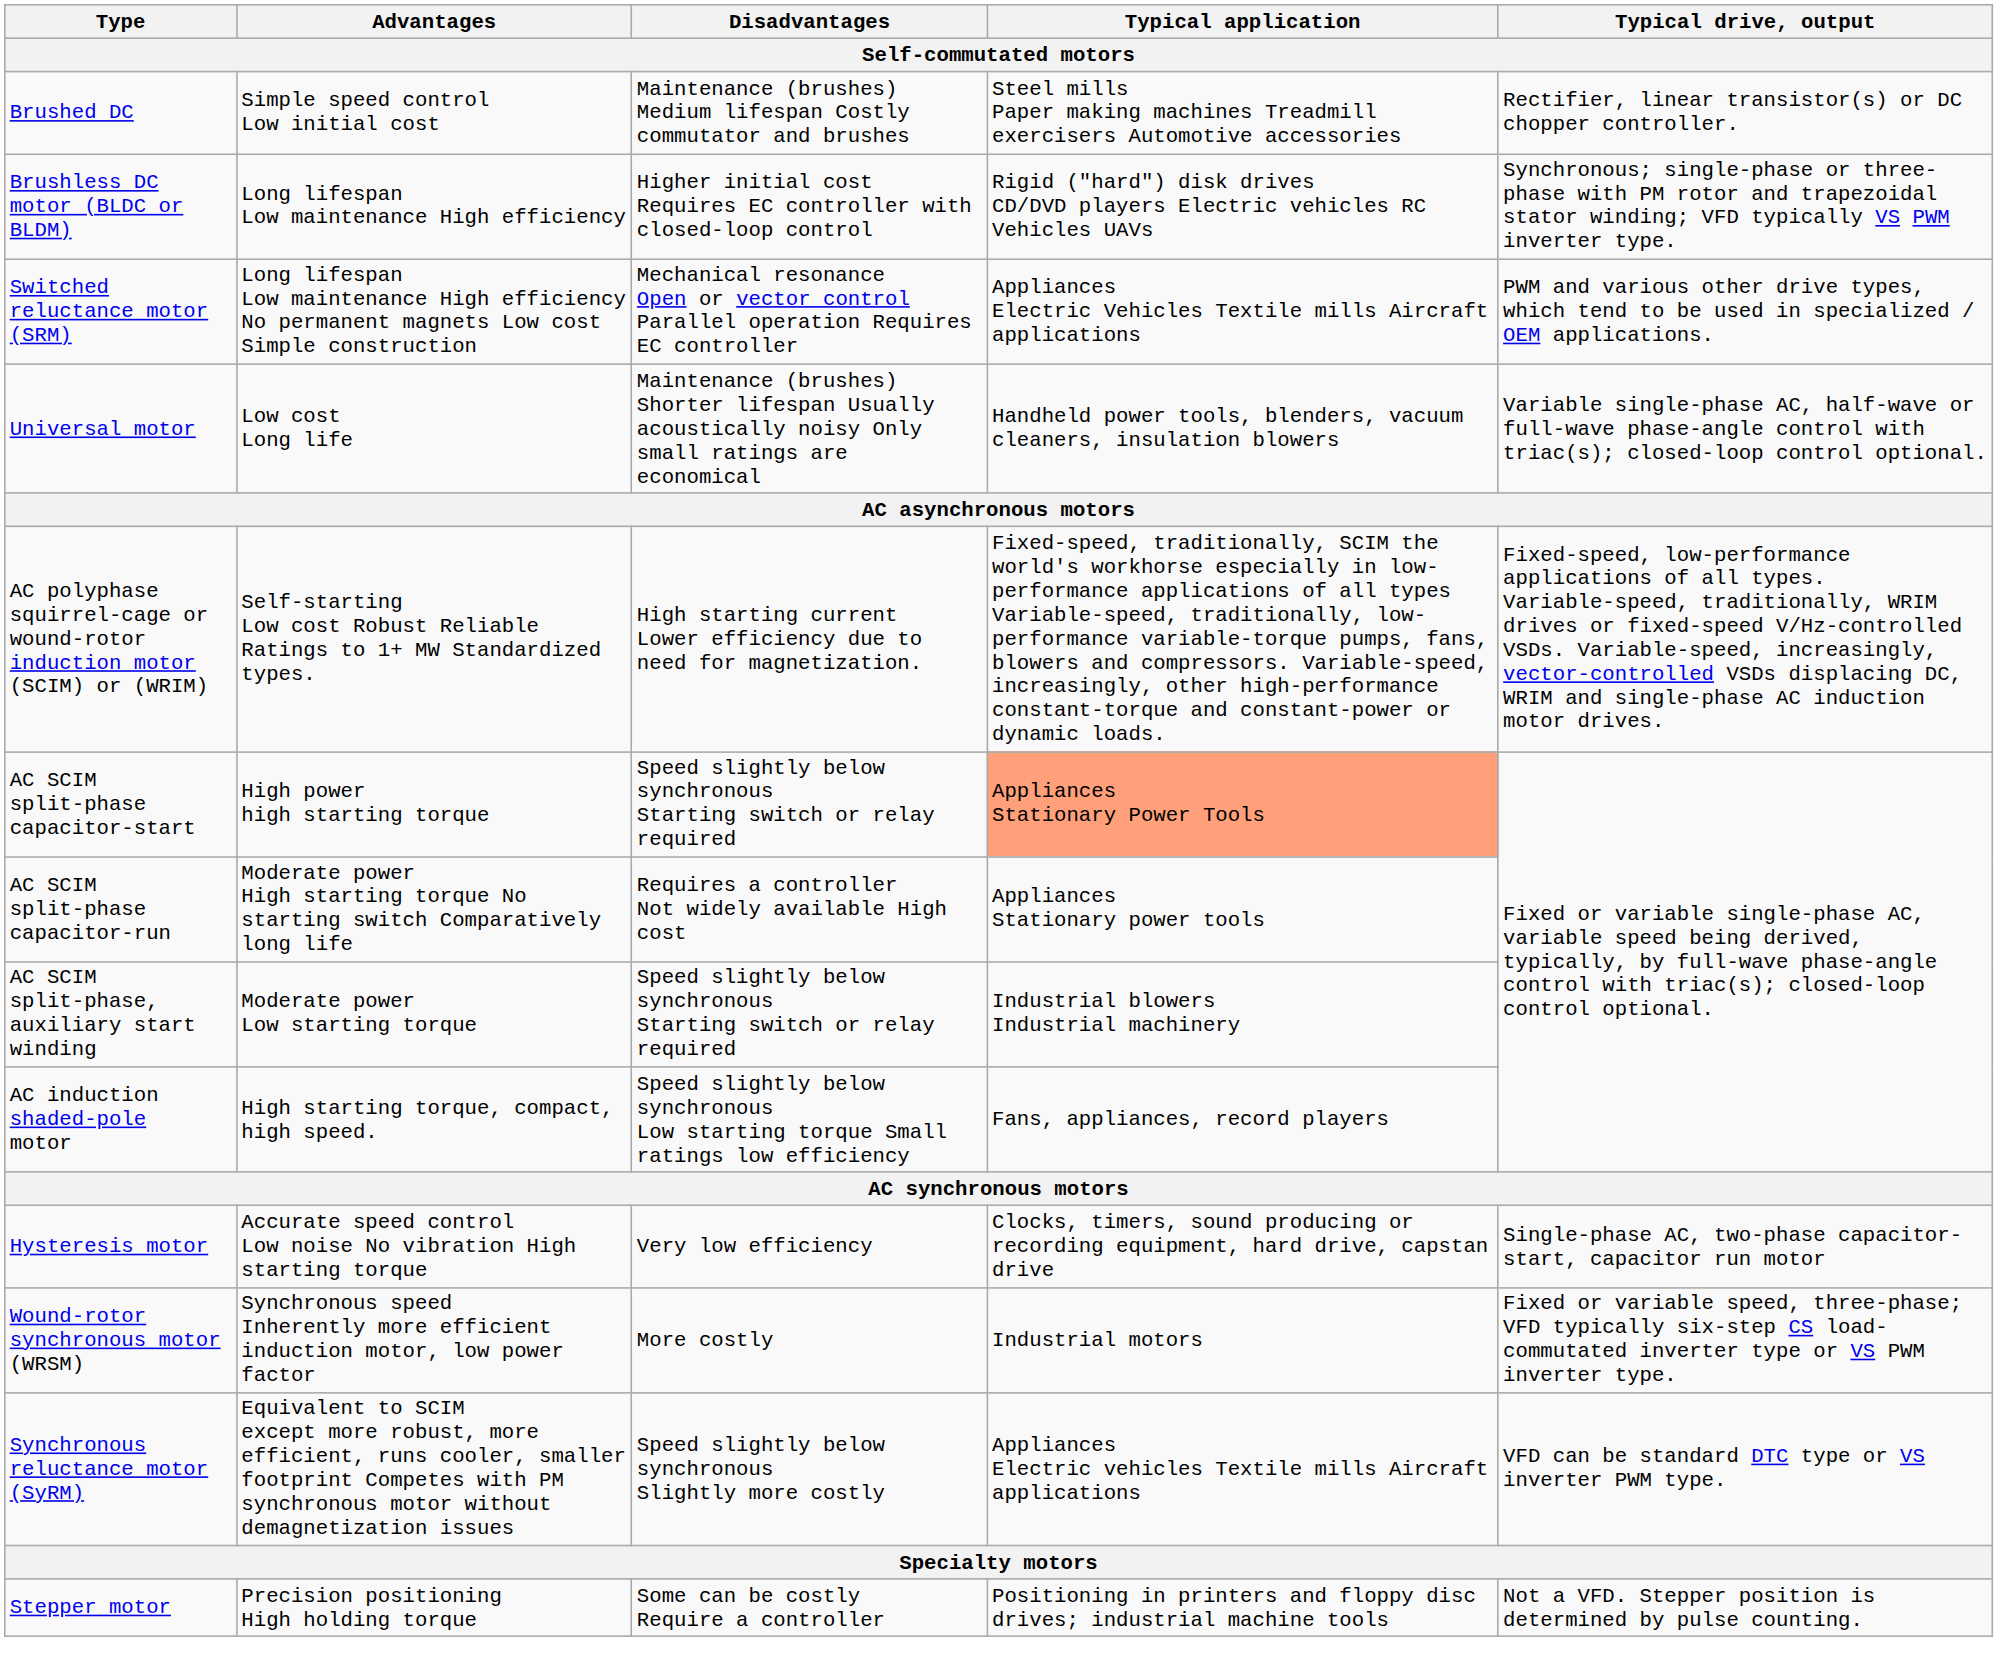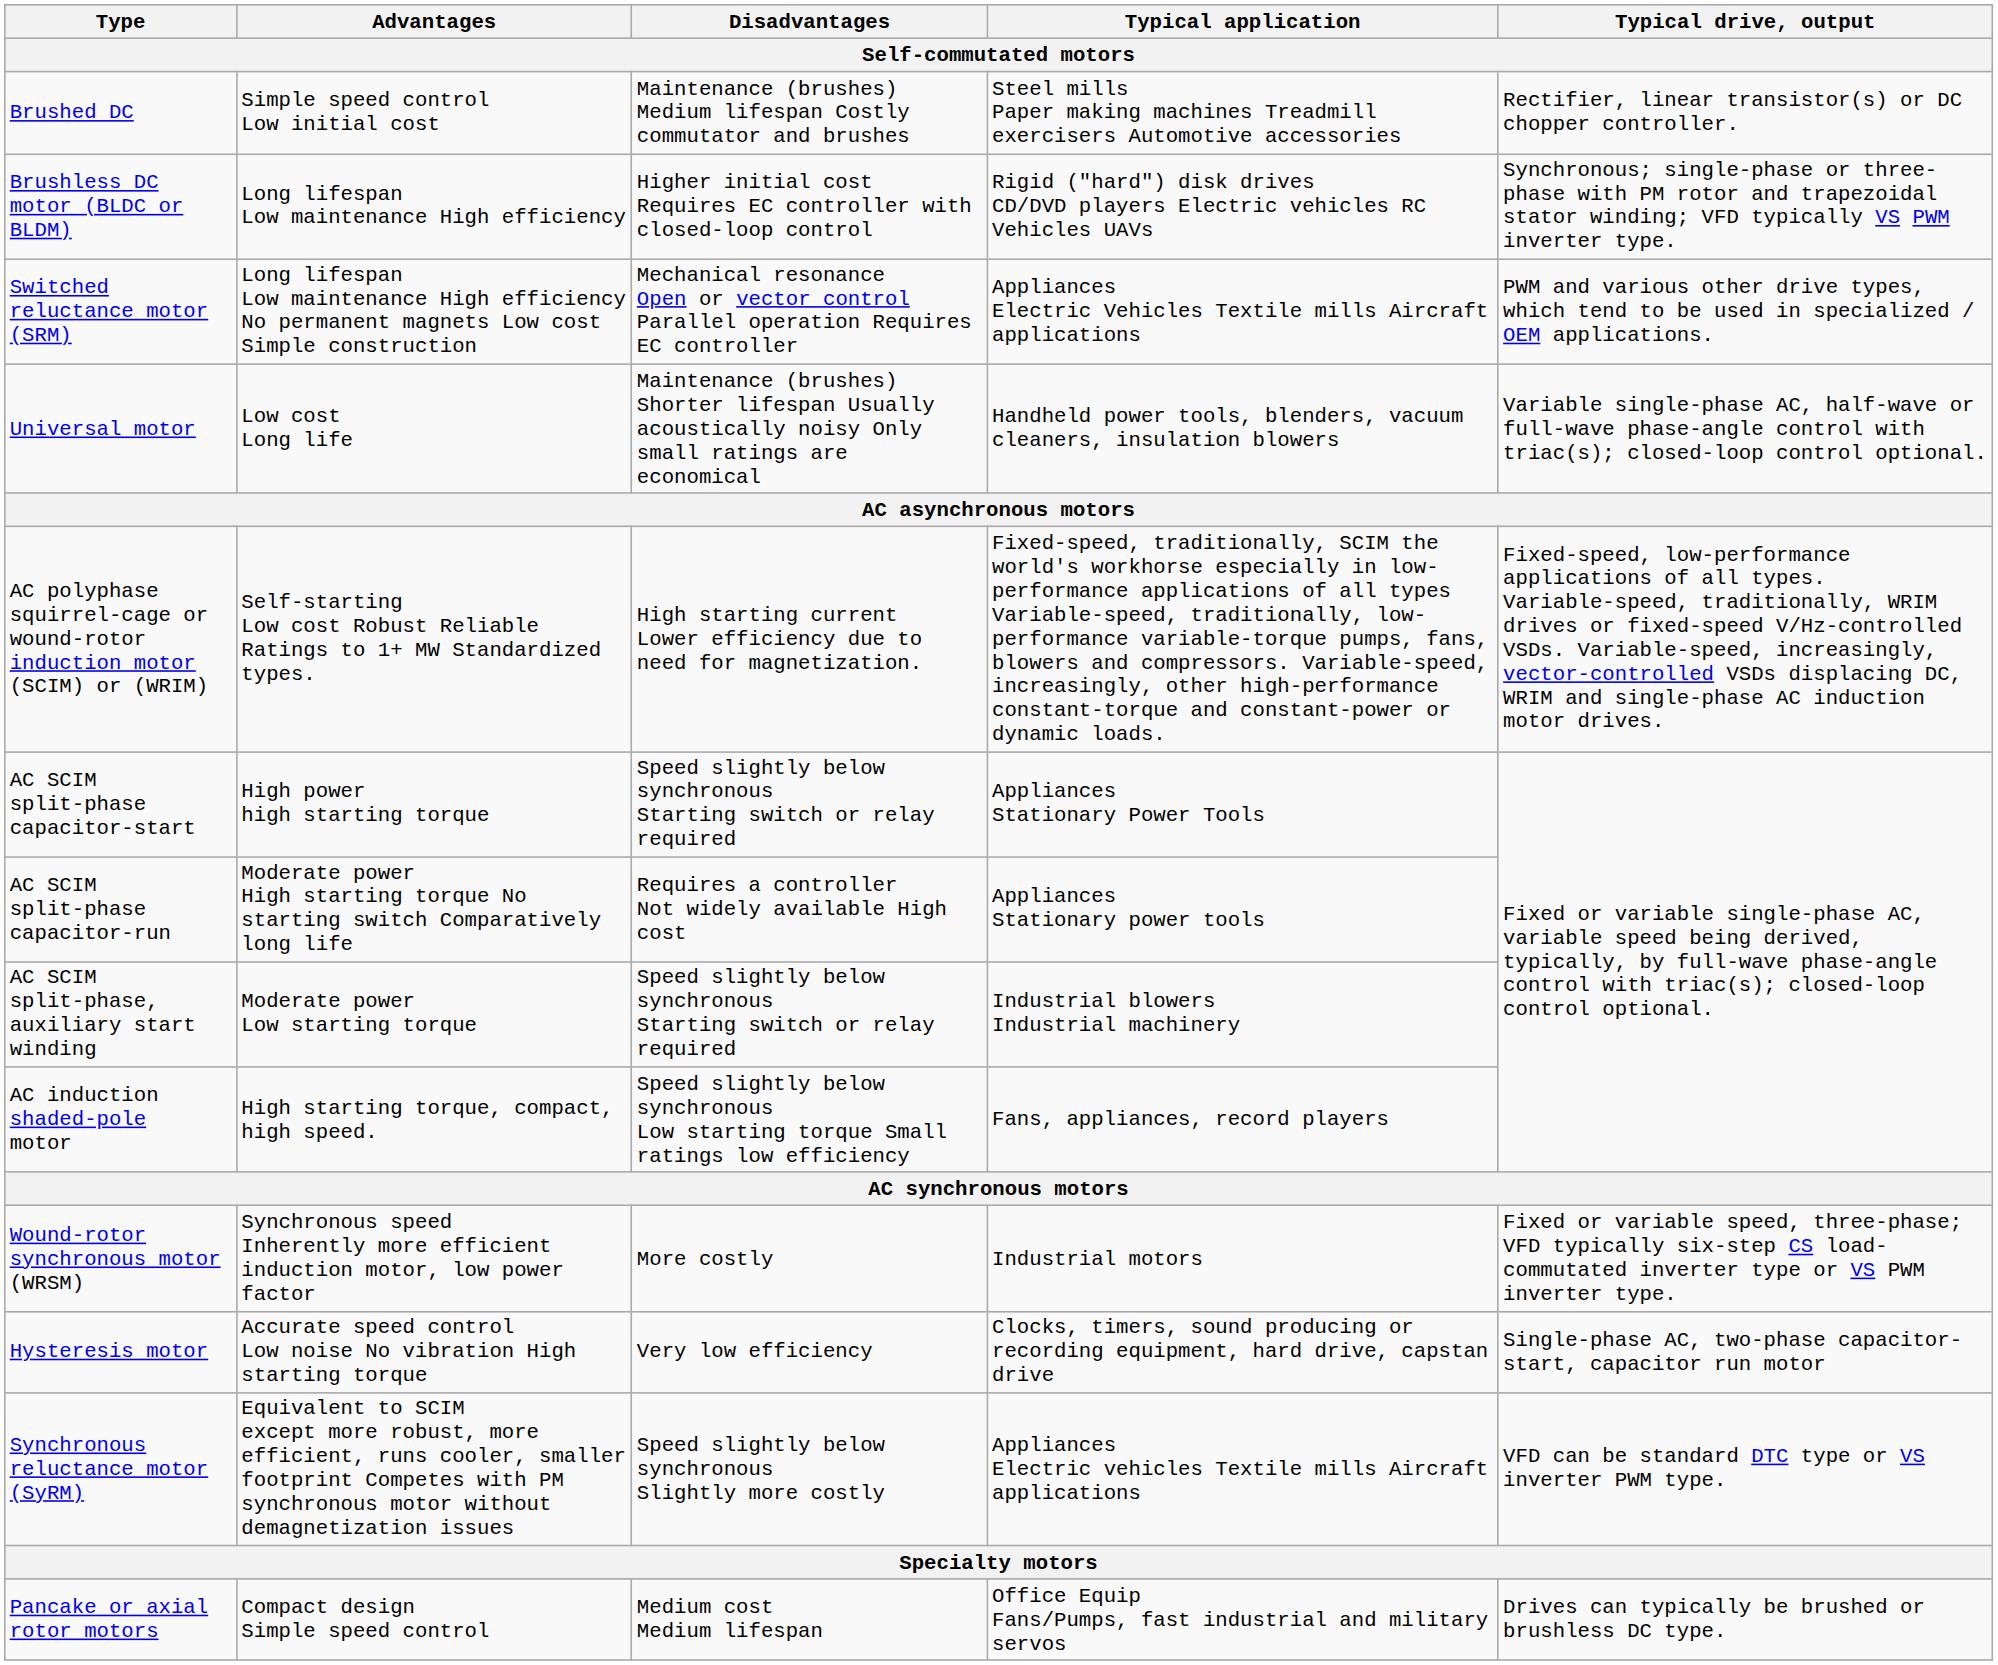 <table class="wikitable">
 <tr>
 <th>Type</th>
 <th>Advantages</th>
 <th>Disadvantages</th>
 <th>Typical application</th>
 <th>Typical drive, output</th>
 </tr>
 <tr>
 <th colspan="5" align="center">Self-commutated motors</th>
 </tr>
 <tr>
 <td><a href='#'>Brushed DC</a></td>
 <td>Simple speed control<br>Low initial cost</td>
 <td>Maintenance (brushes)<br>Medium lifespan  Costly commutator and brushes</td>
 <td>Steel mills<br>Paper making machines  Treadmill exercisers Automotive accessories</td>
 <td>Rectifier, linear transistor(s) or DC chopper controller.</td>
 </tr>
 <tr>
 <td><a href='#'>Brushless DC motor (BLDC or BLDM)</a></td>
 <td>Long lifespan<br>Low maintenance High efficiency</td>
 <td>Higher initial cost<br>Requires EC controller with closed-loop control</td>
 <td>Rigid ("hard") disk drives<br>CD/DVD players Electric vehicles  RC Vehicles  UAVs</td>
 <td>Synchronous; single-phase or three-phase with PM rotor and trapezoidal stator winding; VFD typically <a href='#'>VS</a> <a href='#'>PWM</a> inverter type.</td>
 </tr>
 <tr>
 <td><a href='#'>Switched reluctance motor (SRM)</a></td>
 <td>Long lifespan<br>Low maintenance High efficiency No permanent magnets Low cost Simple construction</td>
 <td>Mechanical resonance<br> <a href='#'>Open</a> or <a href='#'>vector control</a> Parallel operation Requires EC controller</td>
 <td>Appliances<br>Electric Vehicles Textile mills Aircraft applications</td>
 <td>PWM and various other drive types, which tend to be used in specialized / <a href='#'>OEM</a> applications.</td>
 </tr>
 <tr>
 <td><a href='#'>Universal motor</a></td>
 <td>Low cost<br>Long life</td>
 <td>Maintenance (brushes)<br>Shorter lifespan  Usually acoustically noisy  Only small ratings are economical</td>
 <td>Handheld power tools, blenders, vacuum cleaners, insulation blowers</td>
 <td>Variable single-phase AC, half-wave or full-wave phase-angle control with triac(s); closed-loop control optional.</td>
 </tr>
 <tr>
 <th colspan="5" align="center">AC asynchronous motors</th>
 </tr>
 <tr>
 <td>AC polyphase<br>squirrel-cage or wound-rotor <a href='#'>induction motor</a> (SCIM) or (WRIM)</td>
 <td>Self-starting<br>Low cost Robust Reliable Ratings to 1+ MW Standardized types.</td>
 <td>High starting current<br>Lower efficiency due to need for magnetization.</td>
 <td>Fixed-speed, traditionally, SCIM the world's workhorse especially in low-performance applications of all types<br>Variable-speed, traditionally, low-performance variable-torque pumps, fans, blowers and compressors.  Variable-speed, increasingly, other high-performance constant-torque and constant-power or dynamic loads.</td>
 <td>Fixed-speed, low-performance applications of all types.<br>Variable-speed, traditionally, WRIM drives or fixed-speed V/Hz-controlled VSDs. Variable-speed, increasingly, <a href='#'>vector-controlled</a> VSDs displacing DC, WRIM and single-phase AC induction motor drives.</td>
 </tr>
 <tr>
 <td>AC SCIM<br>split-phase capacitor-start</td>
 <td>High power<br>high starting torque</td>
 <td>Speed slightly below synchronous<br>Starting switch or relay required</td>
-<td style="background: lightsalmon;">Appliances<br>Stationary Power Tools</td>
+<td>Appliances<br>Stationary Power Tools</td>
 <td rowspan="4" align="left">Fixed or variable single-phase AC, variable speed being derived, typically, by full-wave phase-angle control with triac(s); closed-loop control optional.</td>
 </tr>
 <tr>
 <td>AC SCIM<br>split-phase capacitor-run</td>
 <td>Moderate power<br>High starting torque No starting switch Comparatively long life</td>
 <td>Requires a controller<br>Not widely available High cost</td>
 <td>Appliances<br>Stationary power tools</td>
 </tr>
 <tr>
 <td>AC SCIM<br>split-phase, auxiliary start winding</td>
 <td>Moderate power<br>Low starting torque</td>
 <td>Speed slightly below synchronous<br>Starting switch or relay required</td>
 <td>Industrial blowers<br>Industrial machinery</td>
 </tr>
 <tr>
 <td>AC induction <a href='#'>shaded-pole</a><br>motor</td>
 <td>High starting torque, compact, high speed.</td>
 <td>Speed slightly below synchronous<br>Low starting torque  Small ratings  low efficiency</td>
 <td>Fans, appliances, record players</td>
 </tr>
 <tr>
 <th colspan="5" align="center">AC synchronous motors</th>
 </tr>
 <tr>
+<td><a href='#'>Wound-rotor synchronous motor</a> (WRSM)</td>
+<td>Synchronous speed<br>Inherently more efficient induction motor, low power factor</td>
+<td>More costly</td>
+<td>Industrial motors</td>
+<td>Fixed or variable speed, three-phase; VFD typically six-step <a href='#'>CS</a> load-commutated inverter type or <a href='#'>VS</a> PWM inverter type.</td>
+</tr>
+<tr>
 <td><a href='#'>Hysteresis motor</a></td>
 <td>Accurate speed control<br>Low noise No vibration High starting torque</td>
 <td>Very low efficiency</td>
 <td>Clocks, timers, sound producing or recording equipment, hard drive, capstan drive</td>
 <td>Single-phase AC, two-phase capacitor-start, capacitor run motor</td>
-</tr>
-<tr>
-<td><a href='#'>Wound-rotor synchronous motor</a> (WRSM)</td>
-<td>Synchronous speed<br>Inherently more efficient induction motor, low power factor</td>
-<td>More costly</td>
-<td>Industrial motors</td>
-<td>Fixed or variable speed, three-phase; VFD typically six-step <a href='#'>CS</a> load-commutated inverter type or <a href='#'>VS</a> PWM inverter type.</td>
 </tr>
 <tr>
 <td><a href='#'>Synchronous reluctance motor (SyRM)</a></td>
 <td>Equivalent to SCIM<br>except more robust, more efficient, runs cooler, smaller footprint Competes with PM synchronous motor without demagnetization issues</td>
 <td>Speed slightly below synchronous<br>Slightly more costly</td>
 <td>Appliances<br>Electric vehicles Textile mills Aircraft applications</td>
 <td>VFD can be standard <a href='#'>DTC</a> type or <a href='#'>VS</a> inverter PWM type.</td>
 </tr>
 <tr>
 <th colspan="5" align="center">Specialty motors</th>
 </tr>
 <tr>
-<td><a href='#'>Stepper motor</a></td>
-<td>Precision positioning<br>High holding torque</td>
-<td>Some can be costly<br>Require a controller</td>
-<td>Positioning in printers and floppy disc drives; industrial machine tools</td>
-<td>Not a VFD. Stepper position is determined by pulse counting.</td>
+<td><a href='#'>Pancake or axial rotor motors</a></td>
+<td>Compact design<br>Simple speed control</td>
+<td>Medium cost<br>Medium lifespan</td>
+<td>Office Equip<br>Fans/Pumps, fast industrial and military servos</td>
+<td>Drives can typically be brushed or brushless DC type.</td>
 </tr>
 </table>
